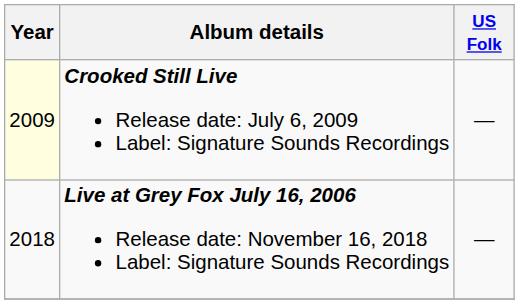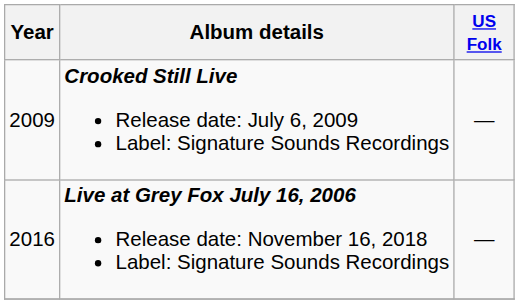 <table class="wikitable">
 <tr>
 <th>Year</th>
 <th>Album details</th>
 <th style="width:40px;"><small><a href='#'>US Folk</a></small></th>
 </tr>
 <tr>
-<td style="background: lightyellow;">2009</td>
+<td>2009</td>
 <td><strong><em>Crooked Still Live</em></strong><br><ul><li>Release date: July 6, 2009</li><li>Label: Signature Sounds Recordings</li></ul></td>
 <td style="text-align:center;">—</td>
 </tr>
 <tr>
-<td>2018</td>
+<td>2016</td>
 <td><strong><em>Live at Grey Fox July 16, 2006</em></strong><br><ul><li>Release date: November 16, 2018</li><li>Label: Signature Sounds Recordings</li></ul></td>
 <td style="text-align:center;">—</td>
 </tr>
 <tr>
 </tr>
 </table>
